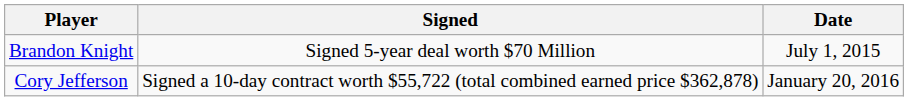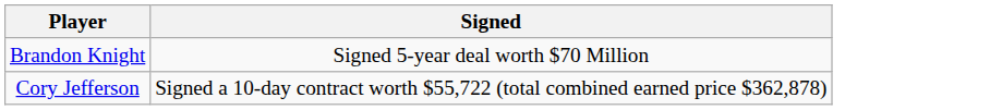 <table class="wikitable sortable sortable">
 <tr>
 <th>Player</th>
 <th>Signed</th>
-<th>Date</th>
 </tr>
 <tr style="text-align: center">
 <td><a href='#'>Brandon Knight</a></td>
 <td>Signed 5-year deal worth $70 Million</td>
-<td>July 1, 2015</td>
 </tr>
 <tr style="text-align: center">
 <td><a href='#'>Cory Jefferson</a></td>
 <td>Signed a 10-day contract worth $55,722 (total combined earned price $362,878)</td>
-<td>January 20, 2016</td>
 </tr>
 </table>
